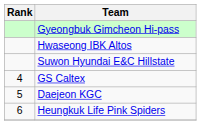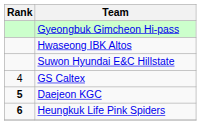 <table class="wikitable" style="text-align: center;">
 <tr>
 <th width=40>Rank</th>
 <th width=240>Team</th>
 </tr>
 <tr bgcolor=#ccffcc>
 <td></td>
 <td align=left><a href='#'>Gyeongbuk Gimcheon Hi-pass</a></td>
 </tr>
 <tr>
 <td></td>
 <td align=left><a href='#'>Hwaseong IBK Altos</a></td>
 </tr>
 <tr>
 <td></td>
 <td align=left><a href='#'>Suwon Hyundai E&C Hillstate</a></td>
 </tr>
 <tr>
 <td>4</td>
 <td align=left><a href='#'>GS Caltex</a></td>
 </tr>
 <tr>
-<td>5</td>
+<td><strong>5</strong></td>
 <td align=left><a href='#'>Daejeon KGC</a></td>
 </tr>
 <tr>
-<td>6</td>
+<td><strong>6</strong></td>
 <td align=left><a href='#'>Heungkuk Life Pink Spiders</a></td>
 </tr>
 <tr>
 </tr>
 </table>
